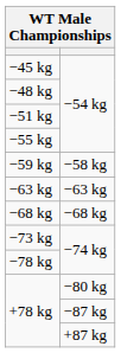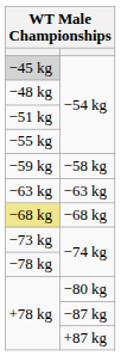 <table class="wikitable" style="float:left; margin-right:1.4em;">
 <tr>
 <th colspan=2>WT Male<br>Championships</th>
 </tr>
 <tr>
 <th></th>
 <th></th>
 </tr>
 <tr>
-<td>−45 kg</td>
+<td style="background: lightgrey;">−45 kg</td>
 <td rowspan=4>−54 kg</td>
 </tr>
 <tr>
 <td>−48 kg</td>
 </tr>
 <tr>
 <td>−51 kg</td>
 </tr>
 <tr>
 <td>−55 kg</td>
 </tr>
 <tr>
 <td>−59 kg</td>
 <td>−58 kg</td>
 </tr>
 <tr>
 <td>−63 kg</td>
 <td>−63 kg</td>
 </tr>
 <tr>
-<td>−68 kg</td>
+<td style="background: khaki;">−68 kg</td>
 <td>−68 kg</td>
 </tr>
 <tr>
 <td>−73 kg</td>
 <td rowspan=2>−74 kg</td>
 </tr>
 <tr>
 <td>−78 kg</td>
 </tr>
 <tr>
 <td rowspan=3>+78 kg</td>
 <td>−80 kg</td>
 </tr>
 <tr>
 <td>−87 kg</td>
 </tr>
 <tr>
 <td>+87 kg</td>
 </tr>
 </table>
